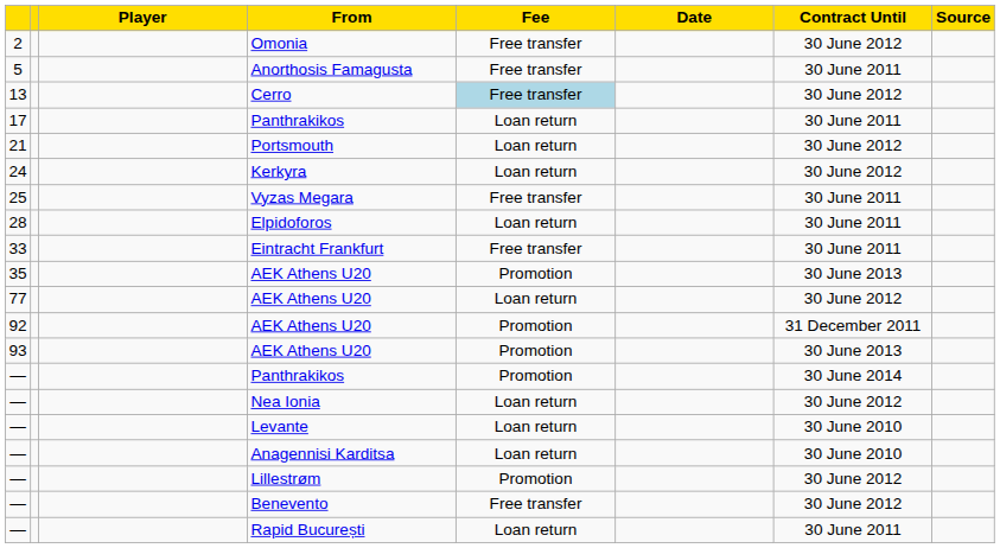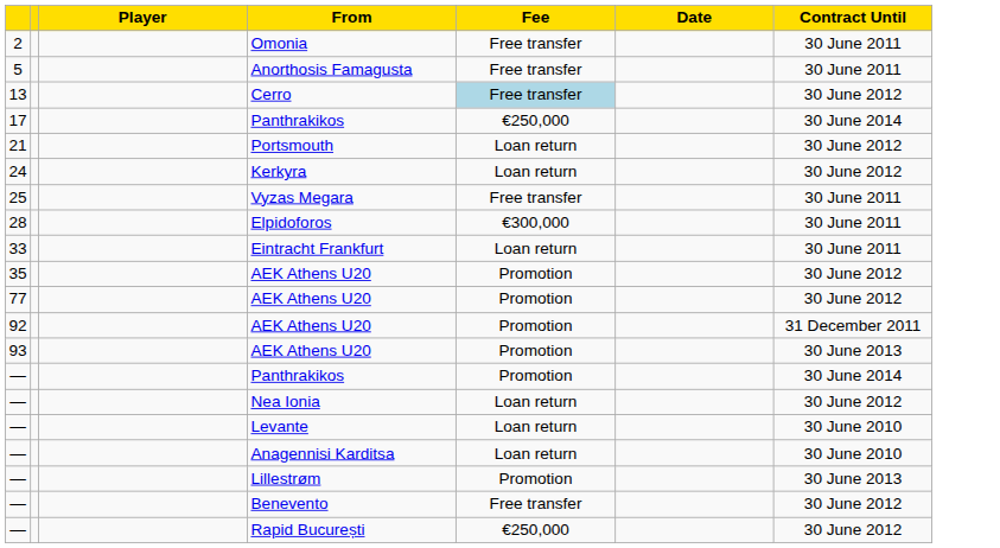 <table class="wikitable sortable">
 <tr>
 <th style="background:#FFDE00"></th>
 <th style="background:#FFDE00"></th>
 <th width=200 style="background:#FFDE00">Player</th>
 <th width=200 style="background:#FFDE00">From</th>
 <th width=150 style="background:#FFDE00">Fee</th>
 <th width=150 style="background:#FFDE00">Date</th>
 <th width=150 style="background:#FFDE00">Contract Until</th>
-<th style="background:#FFDE00">Source</th>
 </tr>
 <tr>
 <td align=center>2</td>
 <td align=center></td>
 <td></td>
 <td> <a href='#'>Omonia</a></td>
 <td align=center>Free transfer</td>
 <td align=center></td>
-<td align=center>30 June 2012</td>
-<td align=center></td>
+<td align=center>30 June 2011</td>
 </tr>
 <tr>
 <td align=center>5</td>
 <td align=center></td>
 <td></td>
 <td> <a href='#'>Anorthosis Famagusta</a></td>
 <td align=center>Free transfer</td>
 <td align=center></td>
 <td align=center>30 June 2011</td>
-<td align=center></td>
 </tr>
 <tr>
 <td align=center>13</td>
 <td align=center></td>
 <td></td>
 <td> <a href='#'>Cerro</a></td>
 <td align=center style="background: lightblue;">Free transfer</td>
 <td align=center></td>
 <td align=center>30 June 2012</td>
-<td align=center></td>
 </tr>
 <tr>
 <td align=center>17</td>
 <td align=center></td>
 <td></td>
 <td> <a href='#'>Panthrakikos</a></td>
-<td align=center>Loan return</td>
+<td align=center>€250,000</td>
 <td align=center></td>
-<td align=center>30 June 2011</td>
-<td align=center></td>
+<td align=center>30 June 2014</td>
 </tr>
 <tr>
 <td align=center>21</td>
 <td align=center></td>
 <td></td>
 <td> <a href='#'>Portsmouth</a></td>
 <td align=center>Loan return</td>
 <td align=center></td>
 <td align=center>30 June 2012</td>
-<td align=center></td>
 </tr>
 <tr>
 <td align=center>24</td>
 <td align=center></td>
 <td></td>
 <td> <a href='#'>Kerkyra</a></td>
 <td align=center>Loan return</td>
 <td align=center></td>
 <td align=center>30 June 2012</td>
-<td align=center></td>
 </tr>
 <tr>
 <td align=center>25</td>
 <td align=center></td>
 <td></td>
 <td> <a href='#'>Vyzas Megara</a></td>
 <td align=center>Free transfer</td>
 <td align=center></td>
 <td align=center>30 June 2011</td>
-<td align=center></td>
 </tr>
 <tr>
 <td align=center>28</td>
 <td align=center></td>
 <td></td>
 <td> <a href='#'>Elpidoforos</a></td>
-<td align=center>Loan return</td>
+<td align=center>€300,000</td>
 <td align=center></td>
 <td align=center>30 June 2011</td>
-<td align=center></td>
 </tr>
 <tr>
 <td align=center>33</td>
 <td align=center></td>
 <td></td>
 <td> <a href='#'>Eintracht Frankfurt</a></td>
-<td align=center>Free transfer</td>
+<td align=center>Loan return</td>
 <td align=center></td>
 <td align=center>30 June 2011</td>
-<td align=center></td>
 </tr>
 <tr>
 <td align=center>35</td>
 <td align=center></td>
 <td></td>
 <td> <a href='#'>AEK Athens U20</a></td>
 <td align=center>Promotion</td>
 <td align=center></td>
-<td align=center>30 June 2013</td>
-<td align=center></td>
+<td align=center>30 June 2012</td>
 </tr>
 <tr>
 <td align=center>77</td>
 <td align=center></td>
 <td></td>
 <td> <a href='#'>AEK Athens U20</a></td>
-<td align=center>Loan return</td>
+<td align=center>Promotion</td>
 <td align=center></td>
 <td align=center>30 June 2012</td>
-<td align=center></td>
 </tr>
 <tr>
 <td align=center>92</td>
 <td align=center></td>
 <td></td>
 <td> <a href='#'>AEK Athens U20</a></td>
 <td align=center>Promotion</td>
 <td align=center></td>
 <td align=center>31 December 2011</td>
-<td align=center></td>
 </tr>
 <tr>
 <td align=center>93</td>
 <td align=center></td>
 <td></td>
 <td> <a href='#'>AEK Athens U20</a></td>
 <td align=center>Promotion</td>
 <td align=center></td>
 <td align=center>30 June 2013</td>
-<td align=center></td>
 </tr>
 <tr>
 <td align=center>—</td>
 <td align=center></td>
 <td></td>
 <td> <a href='#'>Panthrakikos</a></td>
 <td align=center>Promotion</td>
 <td align=center></td>
 <td align=center>30 June 2014</td>
-<td align=center></td>
 </tr>
 <tr>
 <td align=center>—</td>
 <td align=center></td>
 <td></td>
 <td> <a href='#'>Nea Ionia</a></td>
 <td align=center>Loan return</td>
 <td align=center></td>
 <td align=center>30 June 2012</td>
-<td align=center></td>
 </tr>
 <tr>
 <td align=center>—</td>
 <td align=center></td>
 <td></td>
 <td> <a href='#'>Levante</a></td>
 <td align=center>Loan return</td>
 <td align=center></td>
 <td align=center>30 June 2010</td>
-<td align=center></td>
 </tr>
 <tr>
 <td align=center>—</td>
 <td align=center></td>
 <td></td>
 <td> <a href='#'>Anagennisi Karditsa</a></td>
 <td align=center>Loan return</td>
 <td align=center></td>
 <td align=center>30 June 2010</td>
-<td align=center></td>
 </tr>
 <tr>
 <td align=center>—</td>
 <td align=center></td>
 <td></td>
 <td> <a href='#'>Lillestrøm</a></td>
 <td align=center>Promotion</td>
 <td align=center></td>
-<td align=center>30 June 2012</td>
-<td align=center></td>
+<td align=center>30 June 2013</td>
 </tr>
 <tr>
 <td align=center>—</td>
 <td align=center></td>
 <td></td>
 <td> <a href='#'>Benevento</a></td>
 <td align=center>Free transfer</td>
 <td align=center></td>
 <td align=center>30 June 2012</td>
-<td align=center></td>
 </tr>
 <tr>
 <td align=center>—</td>
 <td align=center></td>
 <td></td>
 <td> <a href='#'>Rapid București</a></td>
-<td align=center>Loan return</td>
+<td align=center>€250,000</td>
 <td align=center></td>
-<td align=center>30 June 2011</td>
-<td align=center></td>
+<td align=center>30 June 2012</td>
 </tr>
 </table>
